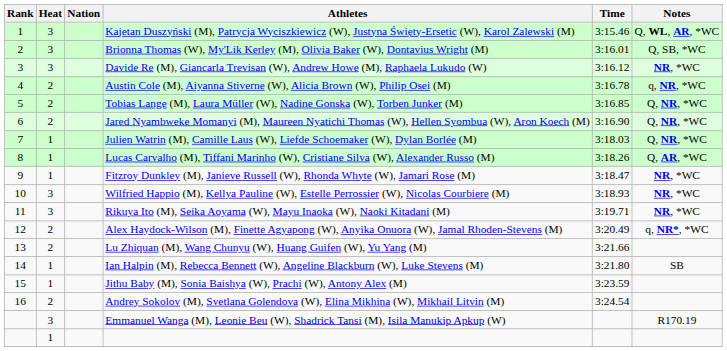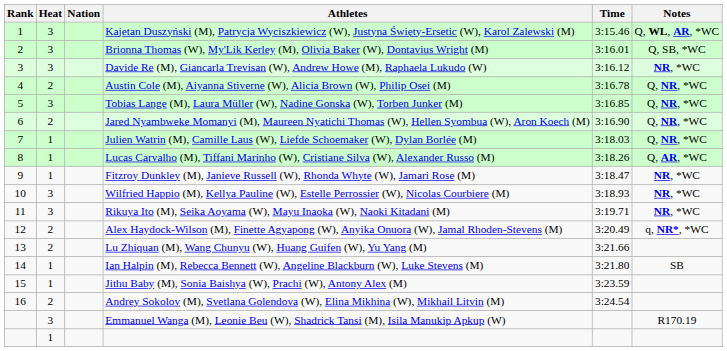 <table class="wikitable sortable" style="text-align:center">
 <tr>
 <th>Rank</th>
 <th>Heat</th>
 <th>Nation</th>
 <th>Athletes</th>
 <th>Time</th>
 <th>Notes</th>
 </tr>
 <tr bgcolor=ccffcc>
 <td>1</td>
 <td>3</td>
 <td align=left></td>
 <td align=left><a href='#'>Kajetan Duszyński</a> (M), <a href='#'>Patrycja Wyciszkiewicz</a> (W), <a href='#'>Justyna Święty-Ersetic</a> (W), <a href='#'>Karol Zalewski</a> (M)</td>
 <td>3:15.46</td>
 <td>Q, <strong>WL</strong>, <strong><a href='#'>AR</a></strong>, *WC</td>
 </tr>
 <tr bgcolor=ccffcc>
 <td>2</td>
 <td>3</td>
 <td align=left></td>
 <td align=left><a href='#'>Brionna Thomas</a> (W), <a href='#'>My'Lik Kerley</a> (M), <a href='#'>Olivia Baker</a> (W), <a href='#'>Dontavius Wright</a> (M)</td>
 <td>3:16.01</td>
 <td>Q, SB, *WC</td>
 </tr>
 <tr bgcolor=ddffdd>
 <td>3</td>
 <td>3</td>
 <td align=left></td>
 <td align=left><a href='#'>Davide Re</a> (M), <a href='#'>Giancarla Trevisan</a> (W), <a href='#'>Andrew Howe</a> (M), <a href='#'>Raphaela Lukudo</a> (W)</td>
 <td>3:16.12</td>
 <td><strong><a href='#'>NR</a></strong>, *WC</td>
 </tr>
 <tr bgcolor=ccffcc>
 <td>4</td>
 <td>2</td>
 <td align=left></td>
 <td align=left><a href='#'>Austin Cole</a> (M), <a href='#'>Aiyanna Stiverne</a> (W), <a href='#'>Alicia Brown</a> (W), <a href='#'>Philip Osei</a> (M)</td>
 <td>3:16.78</td>
-<td>q, <strong><a href='#'>NR</a></strong>, *WC</td>
+<td>Q, <strong><a href='#'>NR</a></strong>, *WC</td>
 </tr>
 <tr bgcolor=ccffcc>
 <td>5</td>
-<td>2</td>
+<td>3</td>
 <td align=left></td>
 <td align=left><a href='#'>Tobias Lange</a> (M), <a href='#'>Laura Müller</a> (W), <a href='#'>Nadine Gonska</a> (W), <a href='#'>Torben Junker</a> (M)</td>
 <td>3:16.85</td>
 <td>Q, <strong><a href='#'>NR</a></strong>, *WC</td>
 </tr>
 <tr bgcolor=ddffdd>
 <td>6</td>
 <td>2</td>
 <td align=left></td>
 <td align=left><a href='#'>Jared Nyambweke Momanyi</a> (M), <a href='#'>Maureen Nyatichi Thomas</a> (W), <a href='#'>Hellen Syombua</a> (W), <a href='#'>Aron Koech</a> (M)</td>
 <td>3:16.90</td>
 <td>Q, <strong><a href='#'>NR</a></strong>, *WC</td>
 </tr>
 <tr bgcolor=ccffcc>
 <td>7</td>
 <td>1</td>
 <td align=left></td>
 <td align=left><a href='#'>Julien Watrin</a> (M), <a href='#'>Camille Laus</a> (W), <a href='#'>Liefde Schoemaker</a> (W), <a href='#'>Dylan Borlée</a> (M)</td>
 <td>3:18.03</td>
 <td>Q, <strong><a href='#'>NR</a></strong>, *WC</td>
 </tr>
 <tr bgcolor=ccffcc>
 <td>8</td>
 <td>1</td>
 <td align=left></td>
 <td align=left><a href='#'>Lucas Carvalho</a> (M), <a href='#'>Tiffani Marinho</a> (W), <a href='#'>Cristiane Silva</a> (W), <a href='#'>Alexander Russo</a> (M)</td>
 <td>3:18.26</td>
 <td>Q, <strong><a href='#'>AR</a></strong>, *WC</td>
 </tr>
 <tr>
 <td>9</td>
 <td>1</td>
 <td align=left></td>
 <td align=left><a href='#'>Fitzroy Dunkley</a> (M), <a href='#'>Janieve Russell</a> (W), <a href='#'>Rhonda Whyte</a> (W), <a href='#'>Jamari Rose</a> (M)</td>
 <td>3:18.47</td>
 <td><strong><a href='#'>NR</a></strong>, *WC</td>
 </tr>
 <tr>
 <td>10</td>
 <td>3</td>
 <td align=left></td>
 <td align=left><a href='#'>Wilfried Happio</a> (M), <a href='#'>Kellya Pauline</a> (W), <a href='#'>Estelle Perrossier</a> (W), <a href='#'>Nicolas Courbiere</a> (M)</td>
 <td>3:18.93</td>
 <td><strong><a href='#'>NR</a></strong>, *WC</td>
 </tr>
 <tr>
 <td>11</td>
 <td>3</td>
 <td align=left></td>
 <td align=left><a href='#'>Rikuya Ito</a> (M), <a href='#'>Seika Aoyama</a> (W), <a href='#'>Mayu Inaoka</a> (W), <a href='#'>Naoki Kitadani</a> (M)</td>
 <td>3:19.71</td>
 <td><strong><a href='#'>NR</a></strong>, *WC</td>
 </tr>
 <tr>
 <td>12</td>
 <td>2</td>
 <td align=left></td>
 <td align=left><a href='#'>Alex Haydock-Wilson</a> (M), <a href='#'>Finette Agyapong</a> (W), <a href='#'>Anyika Onuora</a> (W), <a href='#'>Jamal Rhoden-Stevens</a> (M)</td>
 <td>3:20.49</td>
 <td>q, <strong><a href='#'>NR*</a></strong>, *WC</td>
 </tr>
 <tr>
 <td>13</td>
 <td>2</td>
 <td align=left></td>
 <td align=left><a href='#'>Lu Zhiquan</a> (M), <a href='#'>Wang Chunyu</a> (W), <a href='#'>Huang Guifen</a> (W), <a href='#'>Yu Yang</a> (M)</td>
 <td>3:21.66</td>
 <td></td>
 </tr>
 <tr>
 <td>14</td>
 <td>1</td>
 <td align=left></td>
 <td align=left><a href='#'>Ian Halpin</a> (M), <a href='#'>Rebecca Bennett</a> (W), <a href='#'>Angeline Blackburn</a> (W), <a href='#'>Luke Stevens</a> (M)</td>
 <td>3:21.80</td>
 <td>SB</td>
 </tr>
 <tr>
 <td>15</td>
 <td>1</td>
 <td align=left></td>
 <td align=left><a href='#'>Jithu Baby</a> (M), <a href='#'>Sonia Baishya</a> (W), <a href='#'>Prachi</a> (W), <a href='#'>Antony Alex</a> (M)</td>
 <td>3:23.59</td>
 <td></td>
 </tr>
 <tr>
 <td>16</td>
 <td>2</td>
 <td align=left></td>
 <td align=left><a href='#'>Andrey Sokolov</a> (M), <a href='#'>Svetlana Golendova</a> (W), <a href='#'>Elina Mikhina</a> (W), <a href='#'>Mikhail Litvin</a> (M)</td>
 <td>3:24.54</td>
 <td></td>
 </tr>
 <tr>
 <td></td>
 <td>3</td>
 <td align=left></td>
 <td align=left><a href='#'>Emmanuel Wanga</a> (M), <a href='#'>Leonie Beu</a> (W), <a href='#'>Shadrick Tansi</a> (M), <a href='#'>Isila Manukip Apkup</a> (W)</td>
 <td></td>
 <td>R170.19</td>
 </tr>
 <tr>
 <td></td>
 <td>1</td>
 <td align=left></td>
 <td align=left></td>
 <td></td>
 <td></td>
 </tr>
 </table>
